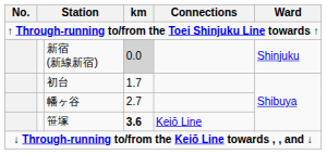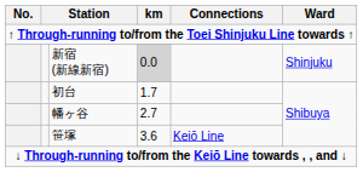 <table class="wikitable">
 <tr>
 <th>No.</th>
 <th colspan="2">Station</th>
 <th>km</th>
 <th>Connections</th>
 <th>Ward</th>
 </tr>
 <tr>
 <td colspan="6" align="center">↑ <a href='#'><strong>Through-running</strong></a> <strong>to/from the  <a href='#'>Toei Shinjuku Line</a> towards  ↑</strong></td>
 </tr>
 <tr>
 <th> </th>
 <td><br></td>
 <td>新宿<br>(新線新宿)</td>
 <td style="background: lightgrey;">0.0</td>
 <td></td>
 <td><a href='#'>Shinjuku</a></td>
 </tr>
 <tr>
 <th></th>
 <td></td>
 <td>初台</td>
 <td>1.7</td>
 <td></td>
 <td rowspan=3><a href='#'>Shibuya</a></td>
 </tr>
 <tr>
 <th></th>
 <td></td>
 <td>幡ヶ谷</td>
 <td>2.7</td>
 <td></td>
 </tr>
 <tr>
 <th></th>
 <td></td>
 <td>笹塚</td>
-<td><strong>3.6</strong></td>
+<td>3.6</td>
 <td><a href='#'>Keiō Line</a></td>
 </tr>
 <tr>
 <td colspan="6" align="center">↓ <a href='#'><strong>Through-running</strong></a> <strong>to/from the  <a href='#'>Keiō Line</a> towards , , and  ↓</strong></td>
 </tr>
 </table>
